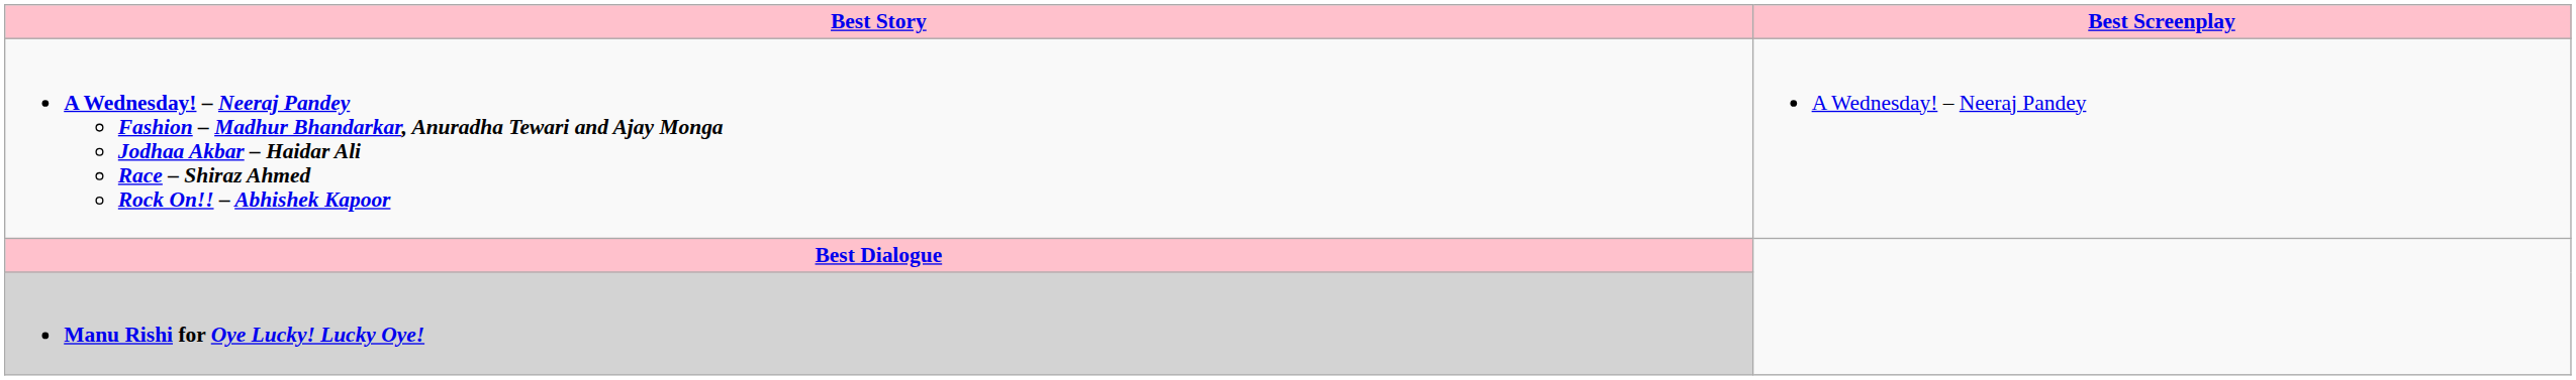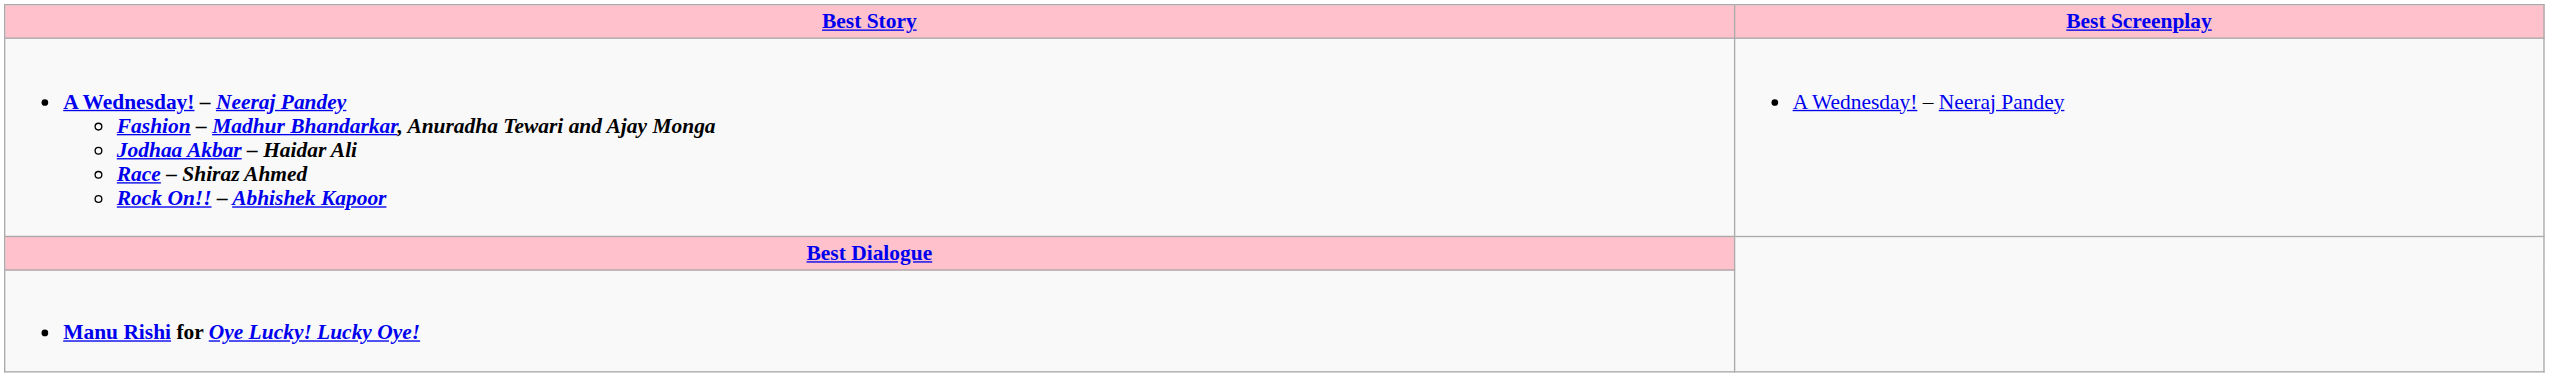 <table class=wikitable style="width:150%">
 <tr>
 <th style="background:#FFC1CC;" ! style="width=50%"><a href='#'>Best Story</a></th>
 <th style="background:#FFC1CC;" ! style="width=50%"><a href='#'>Best Screenplay</a></th>
 </tr>
 <tr>
 <td valign="top"><br><ul><li><strong><a href='#'>A Wednesday!</a> – <em><a href='#'>Neeraj Pandey</a><strong><em><ul><li></em><a href='#'>Fashion</a><em> – <a href='#'>Madhur Bhandarkar</a>, Anuradha Tewari and Ajay Monga</li><li></em><a href='#'>Jodhaa Akbar</a><em> – Haidar Ali</li><li></em><a href='#'>Race</a><em> – Shiraz Ahmed</li><li></em><a href='#'>Rock On!!</a><em> – <a href='#'>Abhishek Kapoor</a></li></ul></li></ul></td>
 <td valign="top"><br><ul><li></strong><a href='#'>A Wednesday!</a> – </em><a href='#'>Neeraj Pandey</a></em></strong></li></ul></td>
 </tr>
 <tr>
 <th style="background:#FFC1CC;" ! style="width=50%"><a href='#'>Best Dialogue</a></th>
 </tr>
 <tr>
-<td valign="top" style="background: lightgrey;"><br><ul><li><strong><a href='#'>Manu Rishi</a> for <em><a href='#'>Oye Lucky! Lucky Oye!</a><strong><em></li></ul></td>
+<td valign="top"><br><ul><li><strong><a href='#'>Manu Rishi</a> for <em><a href='#'>Oye Lucky! Lucky Oye!</a><strong><em></li></ul></td>
 </tr>
 </table>
